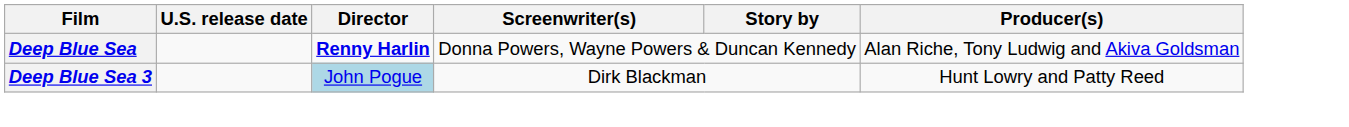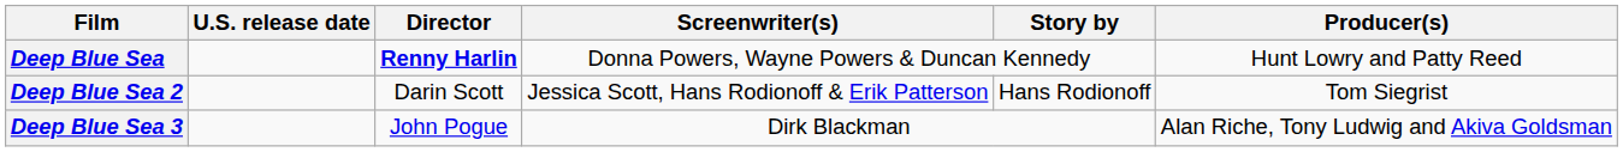 <table class="wikitable plainrowheaders" style="text-align:center">
 <tr>
 <th scope="col">Film</th>
 <th scope="col">U.S. release date</th>
 <th scope="col">Director</th>
 <th scope="col">Screenwriter(s)</th>
 <th scope="col">Story by</th>
 <th scope="col">Producer(s)</th>
 </tr>
 <tr>
 <th scope="row" style="text-align:left"><em><a href='#'>Deep Blue Sea</a></em></th>
 <td style="text-align:left"></td>
 <td><strong><a href='#'>Renny Harlin</a></strong></td>
 <td colspan="2">Donna Powers, Wayne Powers & Duncan Kennedy</td>
-<td>Alan Riche, Tony Ludwig and <a href='#'>Akiva Goldsman</a></td>
+<td>Hunt Lowry and Patty Reed</td>
+</tr>
+<tr>
+<th scope="row" style="text-align:left"><em><a href='#'>Deep Blue Sea 2</a></em></th>
+<td style="text-align:center"></td>
+<td>Darin Scott</td>
+<td>Jessica Scott, Hans Rodionoff & <a href='#'>Erik Patterson</a></td>
+<td>Hans Rodionoff</td>
+<td>Tom Siegrist</td>
 </tr>
 <tr>
 <th scope="row" style="text-align:left"><em><a href='#'>Deep Blue Sea 3</a></em></th>
 <td style="text-align:center"></td>
-<td style="background: lightblue;"><a href='#'>John Pogue</a></td>
+<td><a href='#'>John Pogue</a></td>
 <td colspan="2">Dirk Blackman</td>
-<td>Hunt Lowry and Patty Reed</td>
+<td>Alan Riche, Tony Ludwig and <a href='#'>Akiva Goldsman</a></td>
 </tr>
 </table>
